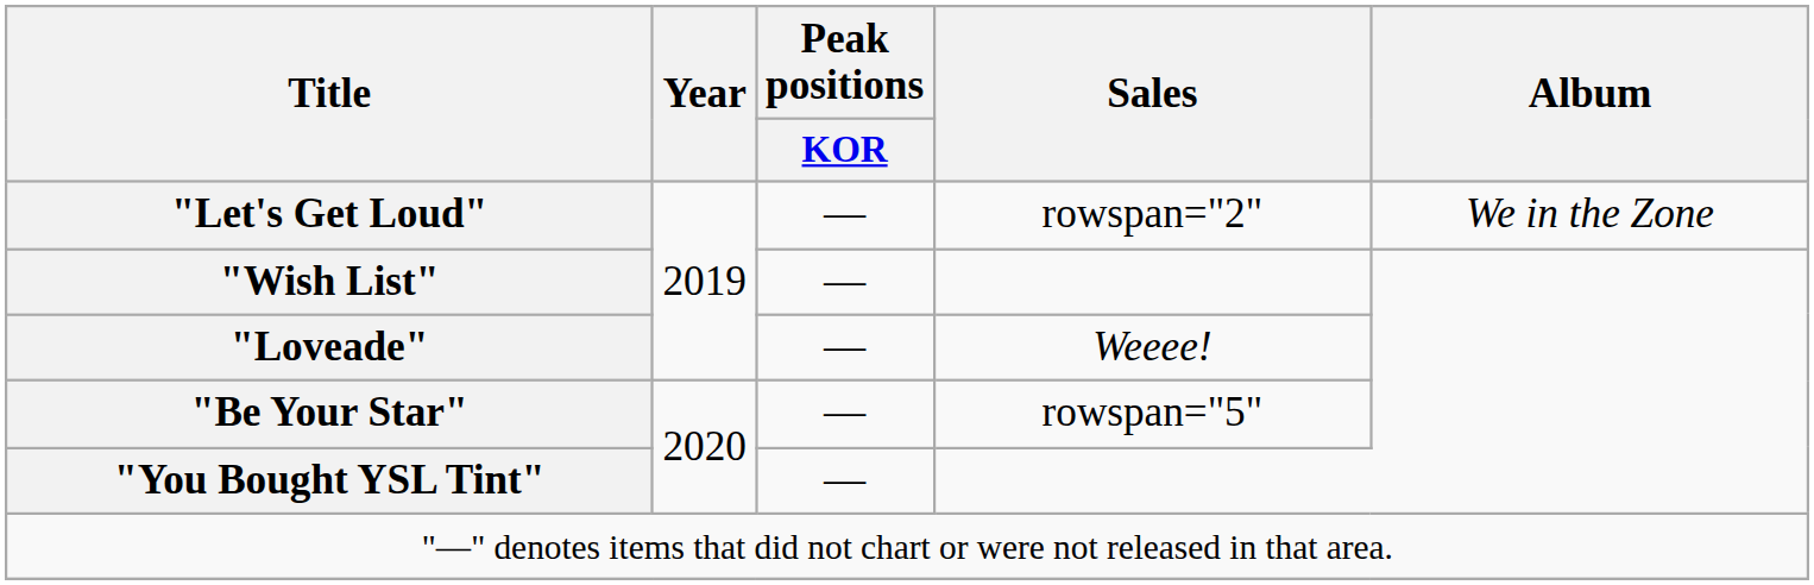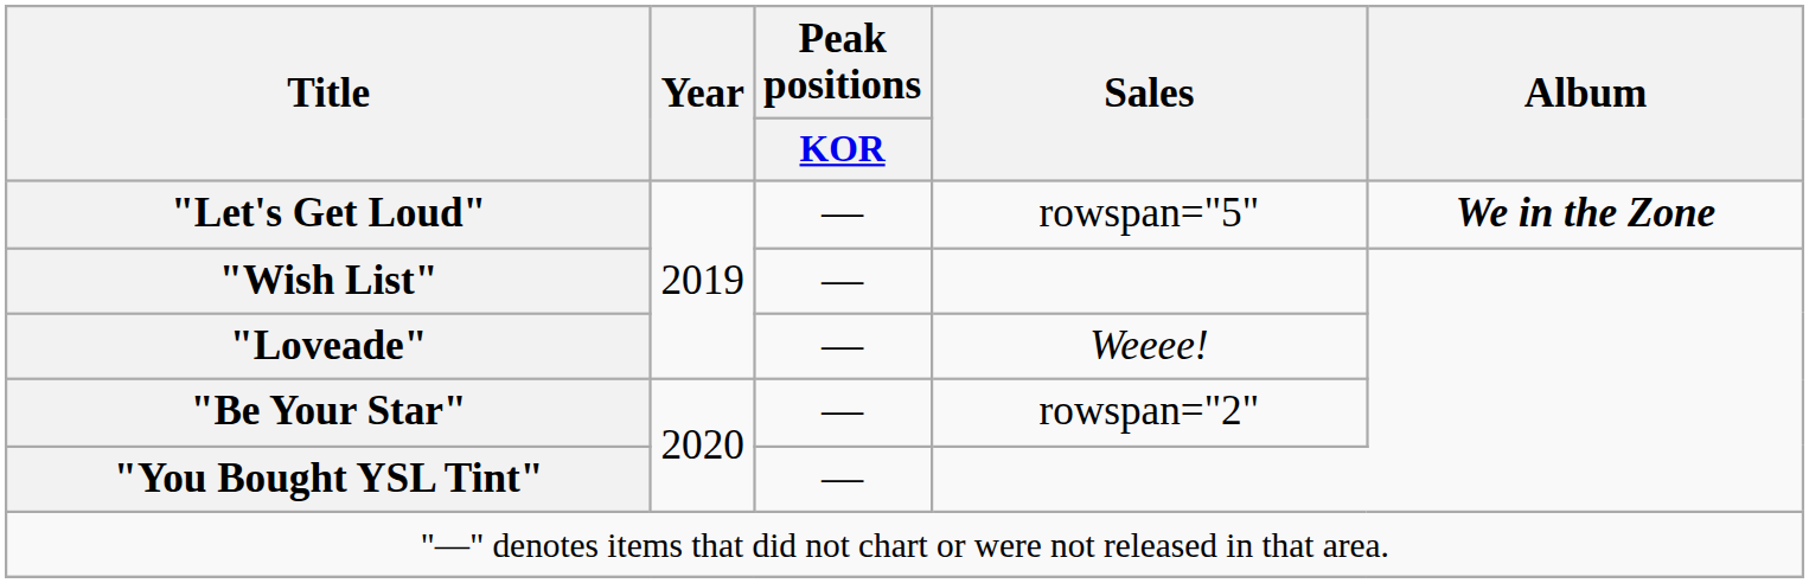 <table class="wikitable plainrowheaders" style="text-align:center;">
 <tr>
 <th scope="col" rowspan="2" style="width:15em;">Title</th>
 <th scope="col" rowspan="2">Year</th>
 <th scope="col" colspan="1">Peak positions</th>
 <th scope="col" rowspan="2" style="width:10em;">Sales</th>
 <th scope="col" rowspan="2" style="width:10em;">Album</th>
 </tr>
 <tr>
 <th scope="col" style="width:2.5em;font-size:90%;"><a href='#'>KOR</a></th>
 </tr>
 <tr>
 <th scope="row">"Let's Get Loud"</th>
 <td rowspan="3">2019</td>
 <td>—</td>
-<td>rowspan="2" </td>
-<td><em>We in the Zone</em></td>
+<td>rowspan="5" </td>
+<td><strong><em>We in the Zone</em></strong></td>
 </tr>
 <tr>
 <th scope="row">"Wish List"</th>
 <td>—</td>
 <td></td>
 </tr>
 <tr>
 <th scope="row">"Loveade"</th>
 <td>—</td>
 <td><em>Weeee!</em></td>
 </tr>
 <tr>
 <th scope="row">"Be Your Star"</th>
 <td rowspan="2">2020</td>
 <td>—</td>
-<td>rowspan="5" </td>
+<td>rowspan="2" </td>
 </tr>
 <tr>
 <th scope="row">"You Bought YSL Tint" </th>
 <td>—</td>
 </tr>
 <tr>
 <td colspan="6" style="text-align:center;"><small>"—" denotes items that did not chart or were not released in that area.</small></td>
 </tr>
 <tr>
 </tr>
 </table>
